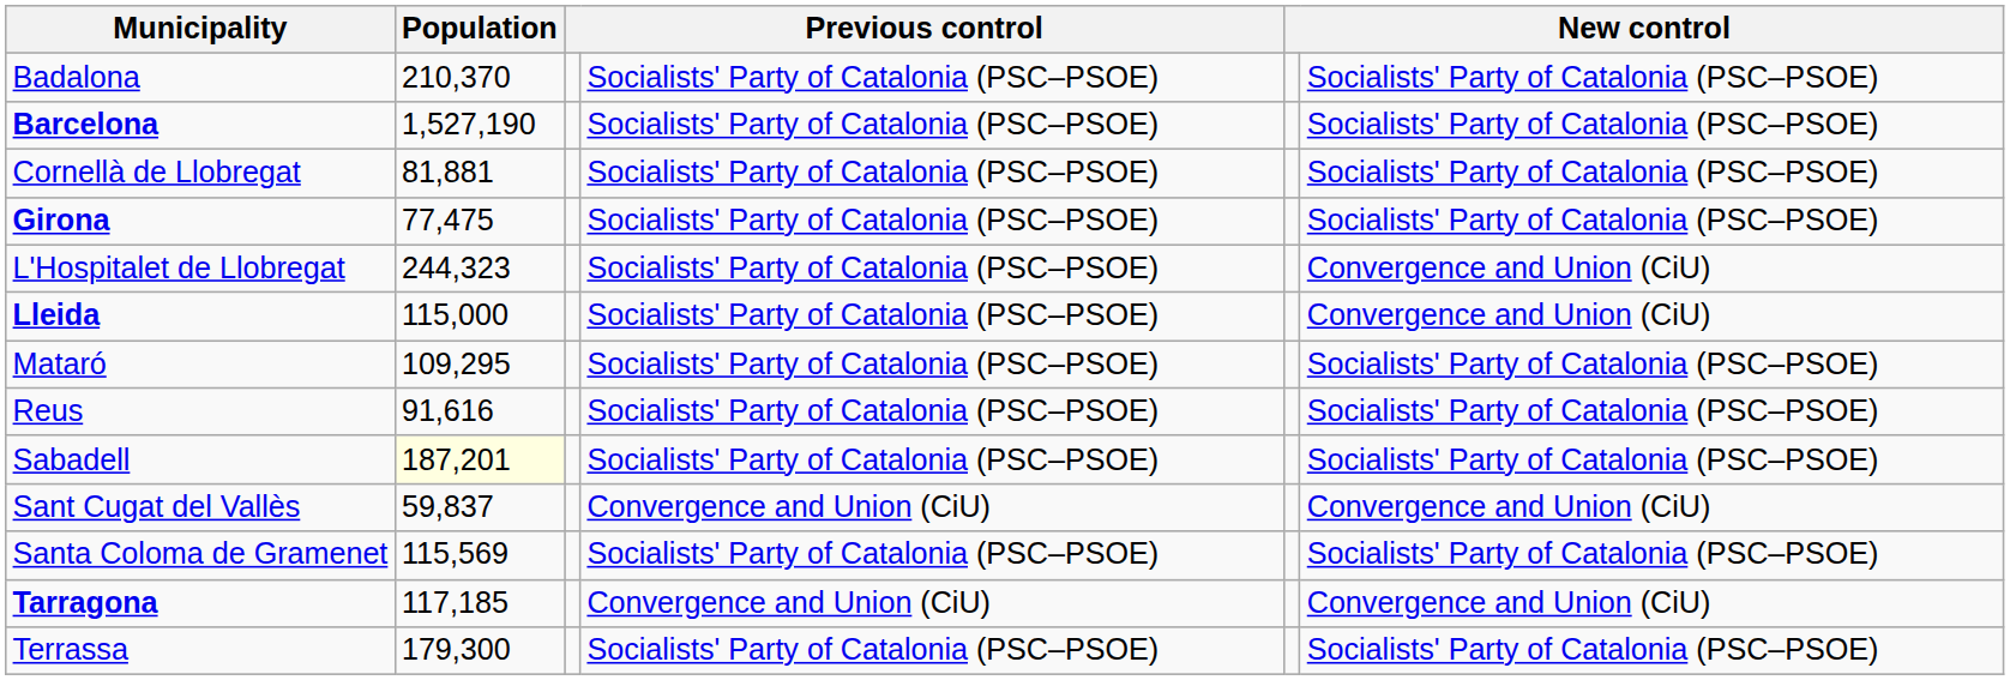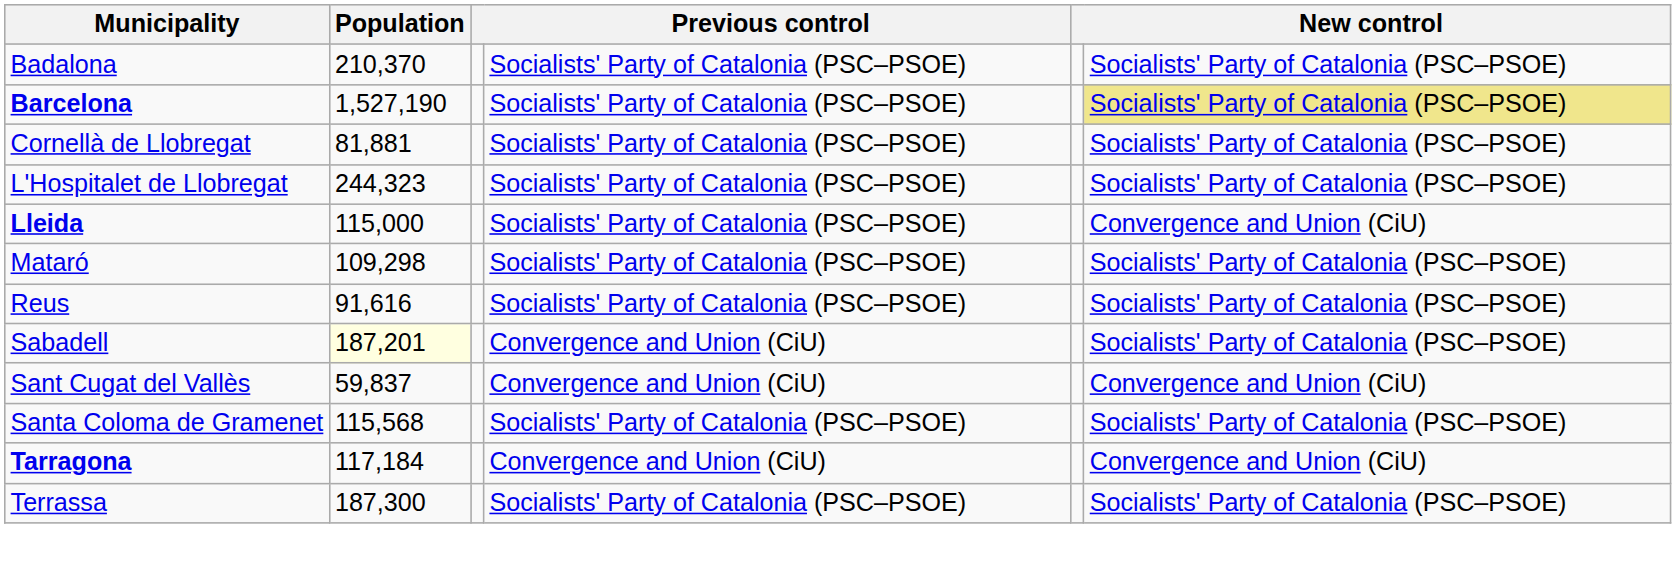 <table class="wikitable sortable">
 <tr>
 <th>Municipality</th>
 <th>Population</th>
 <th colspan="2" style="width:375px;">Previous control</th>
 <th colspan="2" style="width:375px;">New control</th>
 </tr>
 <tr>
 <td><a href='#'>Badalona</a></td>
 <td>210,370</td>
 <td width="1" style="color:inherit;background:"></td>
 <td><a href='#'>Socialists' Party of Catalonia</a> (PSC–PSOE)</td>
 <td width="1" style="color:inherit;background:"></td>
 <td><a href='#'>Socialists' Party of Catalonia</a> (PSC–PSOE)</td>
 </tr>
 <tr>
 <td><strong><a href='#'>Barcelona</a></strong></td>
 <td>1,527,190</td>
 <td style="color:inherit;background:"></td>
 <td><a href='#'>Socialists' Party of Catalonia</a> (PSC–PSOE)</td>
 <td style="color:inherit;background:"></td>
-<td><a href='#'>Socialists' Party of Catalonia</a> (PSC–PSOE)</td>
+<td style="background: khaki;"><a href='#'>Socialists' Party of Catalonia</a> (PSC–PSOE)</td>
 </tr>
 <tr>
 <td><a href='#'>Cornellà de Llobregat</a></td>
 <td>81,881</td>
-<td style="color:inherit;background:"></td>
-<td><a href='#'>Socialists' Party of Catalonia</a> (PSC–PSOE)</td>
-<td style="color:inherit;background:"></td>
-<td><a href='#'>Socialists' Party of Catalonia</a> (PSC–PSOE)</td>
-</tr>
-<tr>
-<td><strong><a href='#'>Girona</a></strong></td>
-<td>77,475</td>
 <td style="color:inherit;background:"></td>
 <td><a href='#'>Socialists' Party of Catalonia</a> (PSC–PSOE)</td>
 <td style="color:inherit;background:"></td>
 <td><a href='#'>Socialists' Party of Catalonia</a> (PSC–PSOE)</td>
 </tr>
 <tr>
 <td><a href='#'>L'Hospitalet de Llobregat</a></td>
 <td>244,323</td>
 <td style="color:inherit;background:"></td>
 <td><a href='#'>Socialists' Party of Catalonia</a> (PSC–PSOE)</td>
 <td style="color:inherit;background:"></td>
-<td><a href='#'>Convergence and Union</a> (CiU)</td>
+<td><a href='#'>Socialists' Party of Catalonia</a> (PSC–PSOE)</td>
 </tr>
 <tr>
 <td><strong><a href='#'>Lleida</a></strong></td>
 <td>115,000</td>
 <td style="color:inherit;background:"></td>
 <td><a href='#'>Socialists' Party of Catalonia</a> (PSC–PSOE)</td>
 <td style="color:inherit;background:"></td>
 <td><a href='#'>Convergence and Union</a> (CiU)</td>
 </tr>
 <tr>
 <td><a href='#'>Mataró</a></td>
-<td>109,295</td>
+<td>109,298</td>
 <td style="color:inherit;background:"></td>
 <td><a href='#'>Socialists' Party of Catalonia</a> (PSC–PSOE)</td>
 <td style="color:inherit;background:"></td>
 <td><a href='#'>Socialists' Party of Catalonia</a> (PSC–PSOE)</td>
 </tr>
 <tr>
 <td><a href='#'>Reus</a></td>
 <td>91,616</td>
 <td style="color:inherit;background:"></td>
 <td><a href='#'>Socialists' Party of Catalonia</a> (PSC–PSOE)</td>
 <td style="color:inherit;background:"></td>
 <td><a href='#'>Socialists' Party of Catalonia</a> (PSC–PSOE)</td>
 </tr>
 <tr>
 <td><a href='#'>Sabadell</a></td>
 <td style="background: lightyellow;">187,201</td>
 <td style="color:inherit;background:"></td>
-<td><a href='#'>Socialists' Party of Catalonia</a> (PSC–PSOE)</td>
+<td><a href='#'>Convergence and Union</a> (CiU)</td>
 <td style="color:inherit;background:"></td>
 <td><a href='#'>Socialists' Party of Catalonia</a> (PSC–PSOE)</td>
 </tr>
 <tr>
 <td><a href='#'>Sant Cugat del Vallès</a></td>
 <td>59,837</td>
 <td style="color:inherit;background:"></td>
 <td><a href='#'>Convergence and Union</a> (CiU)</td>
 <td style="color:inherit;background:"></td>
 <td><a href='#'>Convergence and Union</a> (CiU)</td>
 </tr>
 <tr>
 <td><a href='#'>Santa Coloma de Gramenet</a></td>
-<td>115,569</td>
+<td>115,568</td>
 <td style="color:inherit;background:"></td>
 <td><a href='#'>Socialists' Party of Catalonia</a> (PSC–PSOE)</td>
 <td style="color:inherit;background:"></td>
 <td><a href='#'>Socialists' Party of Catalonia</a> (PSC–PSOE)</td>
 </tr>
 <tr>
 <td><strong><a href='#'>Tarragona</a></strong></td>
-<td>117,185</td>
+<td>117,184</td>
 <td style="color:inherit;background:"></td>
 <td><a href='#'>Convergence and Union</a> (CiU)</td>
 <td style="color:inherit;background:"></td>
 <td><a href='#'>Convergence and Union</a> (CiU)</td>
 </tr>
 <tr>
 <td><a href='#'>Terrassa</a></td>
-<td>179,300</td>
+<td>187,300</td>
 <td style="color:inherit;background:"></td>
 <td><a href='#'>Socialists' Party of Catalonia</a> (PSC–PSOE)</td>
 <td style="color:inherit;background:"></td>
 <td><a href='#'>Socialists' Party of Catalonia</a> (PSC–PSOE)</td>
 </tr>
 </table>
